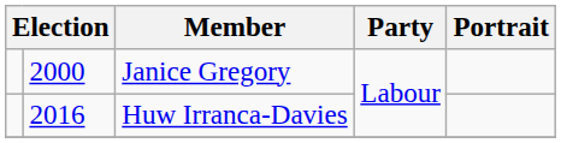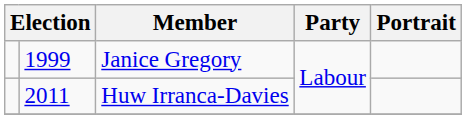 <table class="wikitable">
 <tr>
 <th colspan="2">Election</th>
 <th>Member</th>
 <th>Party</th>
 <th>Portrait</th>
 </tr>
 <tr>
 <td style="background-color: "></td>
-<td><a href='#'>2000</a></td>
+<td><a href='#'>1999</a></td>
 <td><a href='#'>Janice Gregory</a></td>
 <td rowspan="2"><a href='#'>Labour</a></td>
 <td></td>
 </tr>
 <tr>
 <td style="background-color: "></td>
-<td><a href='#'>2016</a></td>
+<td><a href='#'>2011</a></td>
 <td><a href='#'>Huw Irranca-Davies</a></td>
 <td></td>
 </tr>
 <tr>
 </tr>
 </table>
